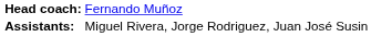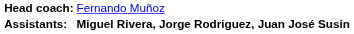 <table>
 <tr>
 <td><strong>Head coach:</strong></td>
 <td><a href='#'>Fernando Muñoz</a></td>
 </tr>
 <tr>
 <td><strong>Assistants:</strong></td>
-<td>Miguel Rivera, Jorge Rodriguez, Juan José Susin</td>
+<td><strong>Miguel Rivera, Jorge Rodriguez, Juan José Susin</strong></td>
 </tr>
 </table>
